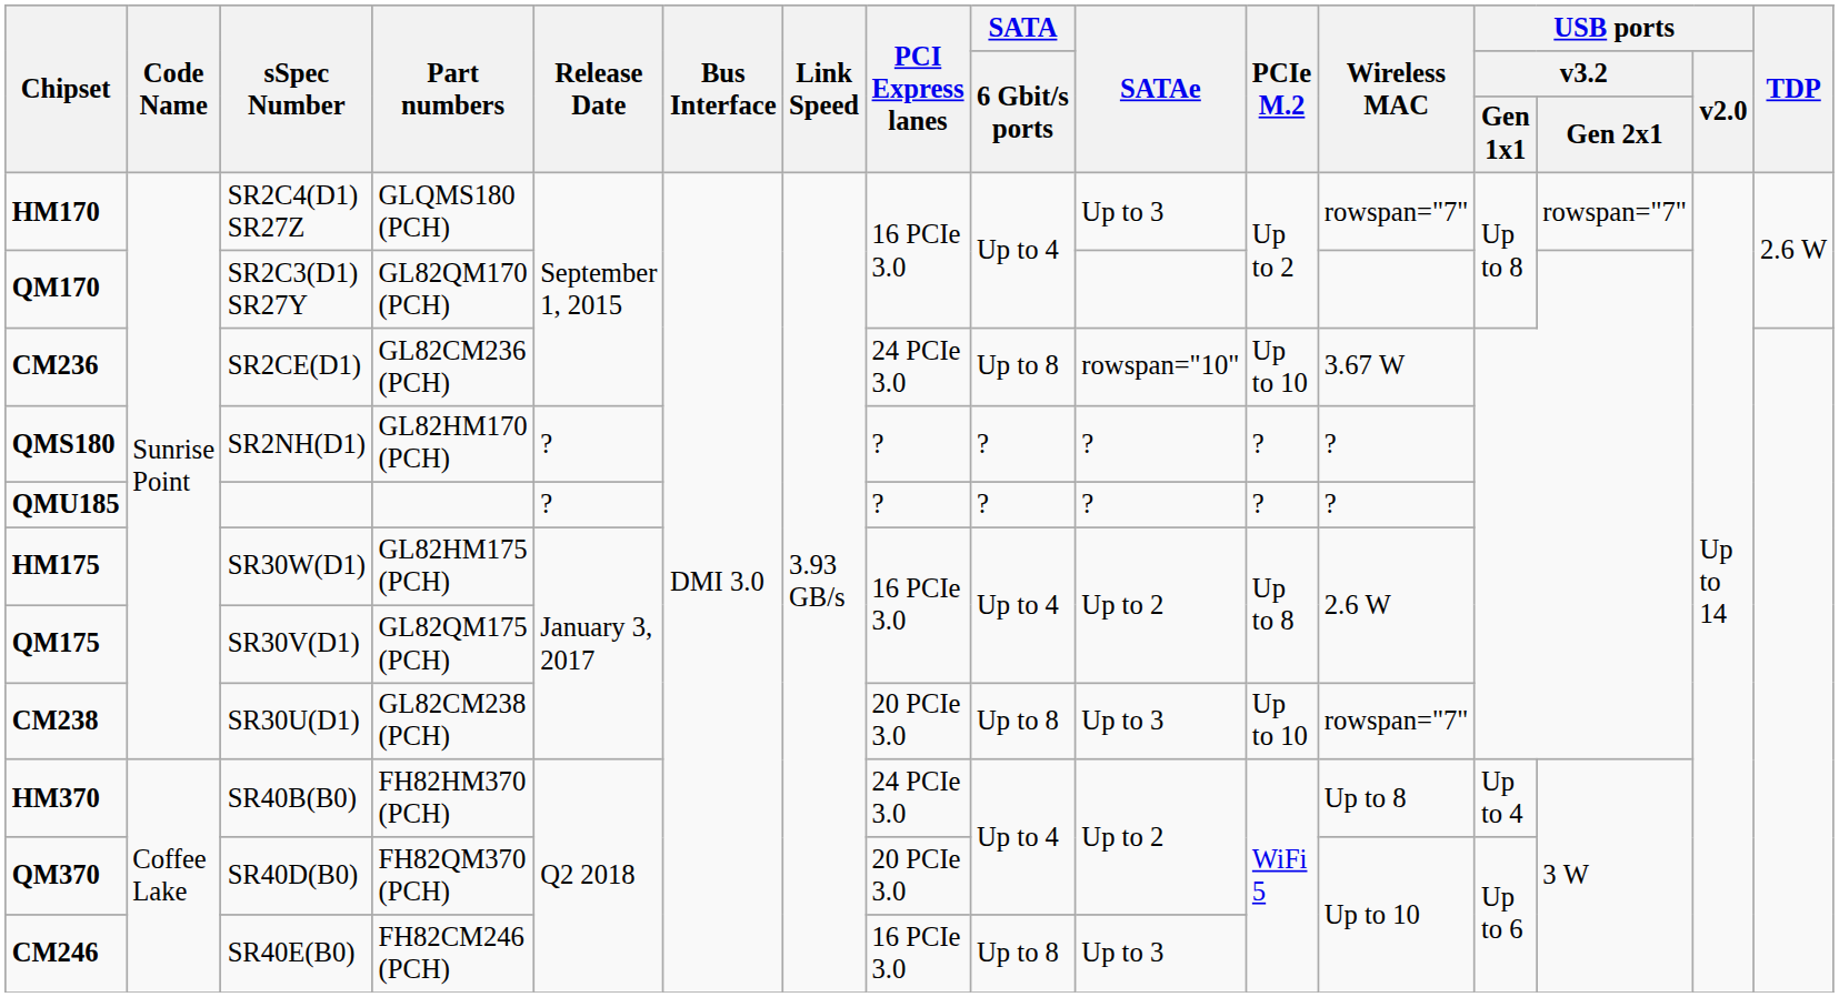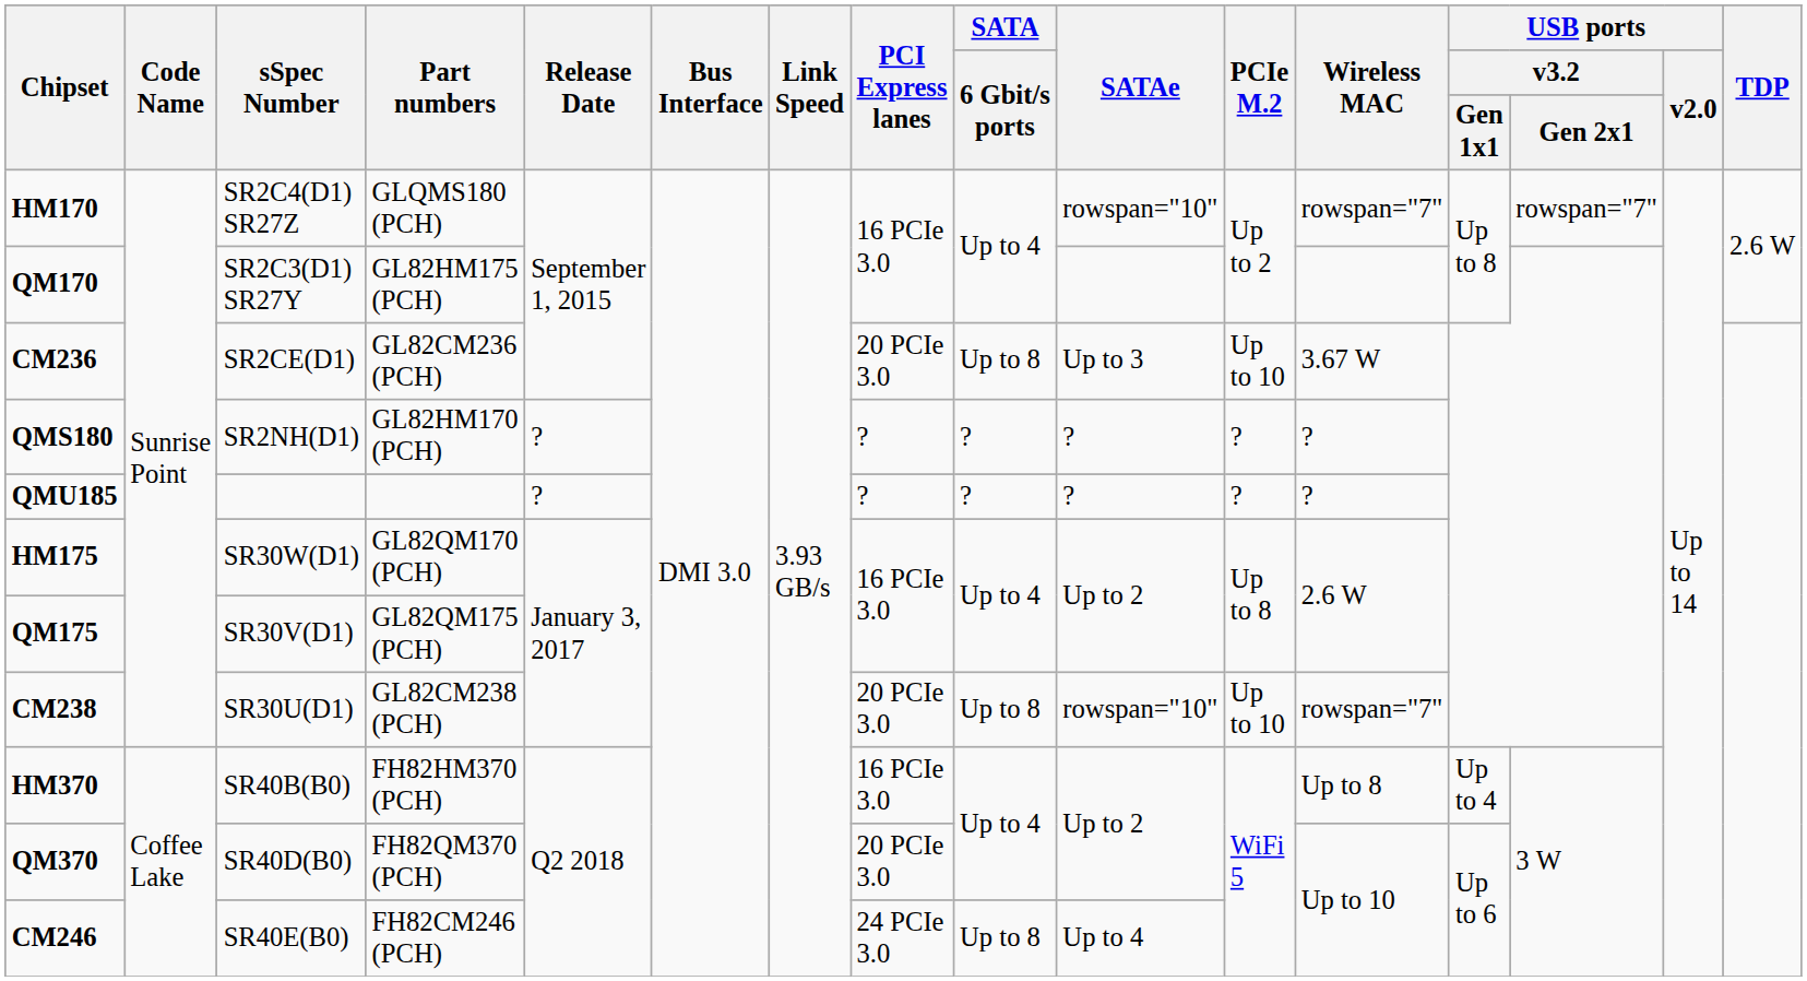 <table class="wikitable" style="font-size: 90%;">
 <tr>
 <th rowspan="3">Chipset</th>
 <th rowspan="3">Code Name</th>
 <th rowspan="3">sSpec Number</th>
 <th rowspan="3">Part numbers</th>
 <th rowspan="3">Release Date</th>
 <th rowspan="3">Bus Interface</th>
 <th rowspan="3">Link Speed</th>
 <th rowspan="3"><a href='#'>PCI Express</a> lanes</th>
 <th><a href='#'>SATA</a></th>
 <th rowspan="3"><a href='#'>SATAe</a></th>
 <th rowspan="3">PCIe <a href='#'>M.2</a></th>
 <th rowspan="3">Wireless<br>MAC</th>
 <th colspan="3"><a href='#'>USB</a> ports</th>
 <th rowspan="3"><a href='#'>TDP</a></th>
 </tr>
 <tr>
 <th rowspan="2">6 Gbit/s ports</th>
 <th colspan="2">v3.2</th>
 <th rowspan="2">v2.0</th>
 </tr>
 <tr>
 <th>Gen 1x1</th>
 <th>Gen 2x1</th>
 </tr>
 <tr>
 <td><strong>HM170</strong></td>
 <td rowspan="8">Sunrise<br>Point</td>
 <td>SR2C4(D1)<br>SR27Z</td>
 <td>GLQMS180 (PCH)</td>
 <td rowspan="3">September 1, 2015</td>
 <td rowspan="11">DMI 3.0</td>
 <td rowspan="11">3.93 GB/s</td>
 <td rowspan="2">16 PCIe 3.0</td>
 <td rowspan="2">Up to 4</td>
-<td>Up to 3</td>
+<td>rowspan="10" </td>
 <td rowspan="2">Up to 2</td>
 <td>rowspan="7" </td>
 <td rowspan="2">Up to 8</td>
 <td>rowspan="7" </td>
 <td rowspan="11">Up to 14</td>
 <td rowspan="2">2.6 W</td>
 </tr>
 <tr>
 <td><strong>QM170</strong></td>
 <td>SR2C3(D1)<br>SR27Y</td>
-<td>GL82QM170 (PCH)</td>
+<td>GL82HM175 (PCH)</td>
 </tr>
 <tr>
 <td><strong>CM236</strong></td>
 <td>SR2CE(D1)</td>
 <td>GL82CM236 (PCH)</td>
-<td>24 PCIe 3.0</td>
+<td>20 PCIe 3.0</td>
 <td>Up to 8</td>
-<td>rowspan="10" </td>
+<td>Up to 3</td>
 <td>Up to 10</td>
 <td>3.67 W</td>
 </tr>
 <tr>
 <td><strong>QMS180</strong></td>
 <td>SR2NH(D1)</td>
 <td>GL82HM170 (PCH)</td>
 <td>?</td>
 <td>?</td>
 <td>?</td>
 <td>?</td>
 <td>?</td>
 <td>?</td>
 </tr>
 <tr>
 <td><strong>QMU185</strong></td>
 <td></td>
 <td></td>
 <td>?</td>
 <td>?</td>
 <td>?</td>
 <td>?</td>
 <td>?</td>
 <td>?</td>
 </tr>
 <tr>
 <td><strong>HM175</strong></td>
 <td>SR30W(D1)</td>
-<td>GL82HM175 (PCH)</td>
+<td>GL82QM170 (PCH)</td>
 <td rowspan="3">January 3, 2017</td>
 <td rowspan="2">16 PCIe 3.0</td>
 <td rowspan="2">Up to 4</td>
 <td rowspan="2">Up to 2</td>
 <td rowspan="2">Up to 8</td>
 <td rowspan="2">2.6 W</td>
 </tr>
 <tr>
 <td><strong>QM175</strong></td>
 <td>SR30V(D1)</td>
 <td>GL82QM175 (PCH)</td>
 </tr>
 <tr>
 <td><strong>CM238</strong></td>
 <td>SR30U(D1)</td>
 <td>GL82CM238 (PCH)</td>
 <td>20 PCIe 3.0</td>
 <td>Up to 8</td>
-<td>Up to 3</td>
+<td>rowspan="10" </td>
 <td>Up to 10</td>
 <td>rowspan="7" </td>
 </tr>
 <tr>
 <td><strong>HM370</strong></td>
 <td rowspan="3">Coffee Lake</td>
 <td>SR40B(B0)</td>
 <td>FH82HM370 (PCH)</td>
 <td rowspan="3">Q2 2018</td>
-<td>24 PCIe 3.0</td>
+<td>16 PCIe 3.0</td>
 <td rowspan="2">Up to 4</td>
 <td rowspan="2">Up to 2</td>
 <td rowspan="3"><a href='#'>WiFi 5</a></td>
 <td>Up to 8</td>
 <td>Up to 4</td>
 <td rowspan="3">3 W</td>
 </tr>
 <tr>
 <td><strong>QM370</strong></td>
 <td>SR40D(B0)</td>
 <td>FH82QM370 (PCH)</td>
 <td>20 PCIe 3.0</td>
 <td rowspan="2">Up to 10</td>
 <td rowspan="2">Up to 6</td>
 </tr>
 <tr>
 <td><strong>CM246</strong></td>
 <td>SR40E(B0)</td>
 <td>FH82CM246 (PCH)</td>
-<td>16 PCIe 3.0</td>
+<td>24 PCIe 3.0</td>
 <td>Up to 8</td>
-<td>Up to 3</td>
+<td>Up to 4</td>
 </tr>
 </table>
